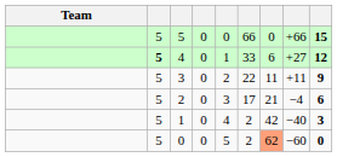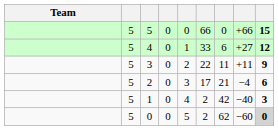 <table class="wikitable" style="text-align: center;">
 <tr>
 <th width=165>Team</th>
 <th width=20></th>
 <th width=20></th>
 <th width=20></th>
 <th width=20></th>
 <th width=20></th>
 <th width=20></th>
 <th width=20></th>
 <th width=20></th>
 </tr>
 <tr bgcolor=#ccffcc>
 <td style="text-align:left;"></td>
 <td>5</td>
 <td>5</td>
 <td>0</td>
 <td>0</td>
 <td>66</td>
 <td>0</td>
 <td>+66</td>
 <td><strong>15</strong></td>
 </tr>
 <tr bgcolor=#ccffcc>
 <td style="text-align:left;"></td>
-<td><strong>5</strong></td>
+<td>5</td>
 <td>4</td>
 <td>0</td>
 <td>1</td>
 <td>33</td>
 <td>6</td>
 <td>+27</td>
 <td><strong>12</strong></td>
 </tr>
 <tr>
 <td style="text-align:left;"></td>
 <td>5</td>
 <td>3</td>
 <td>0</td>
 <td>2</td>
 <td>22</td>
 <td>11</td>
 <td>+11</td>
 <td><strong>9</strong></td>
 </tr>
 <tr>
 <td style="text-align:left;"></td>
 <td>5</td>
 <td>2</td>
 <td>0</td>
 <td>3</td>
 <td>17</td>
 <td>21</td>
 <td>−4</td>
 <td><strong>6</strong></td>
 </tr>
 <tr>
 <td style="text-align:left;"></td>
 <td>5</td>
 <td>1</td>
 <td>0</td>
 <td>4</td>
 <td>2</td>
 <td>42</td>
 <td>−40</td>
 <td><strong>3</strong></td>
 </tr>
 <tr>
 <td style="text-align:left;"></td>
 <td>5</td>
 <td>0</td>
 <td>0</td>
 <td>5</td>
 <td>2</td>
-<td style="background: lightsalmon;">62</td>
+<td>62</td>
 <td>−60</td>
-<td><strong>0</strong></td>
+<td style="background: lightgrey;"><strong>0</strong></td>
 </tr>
 </table>
